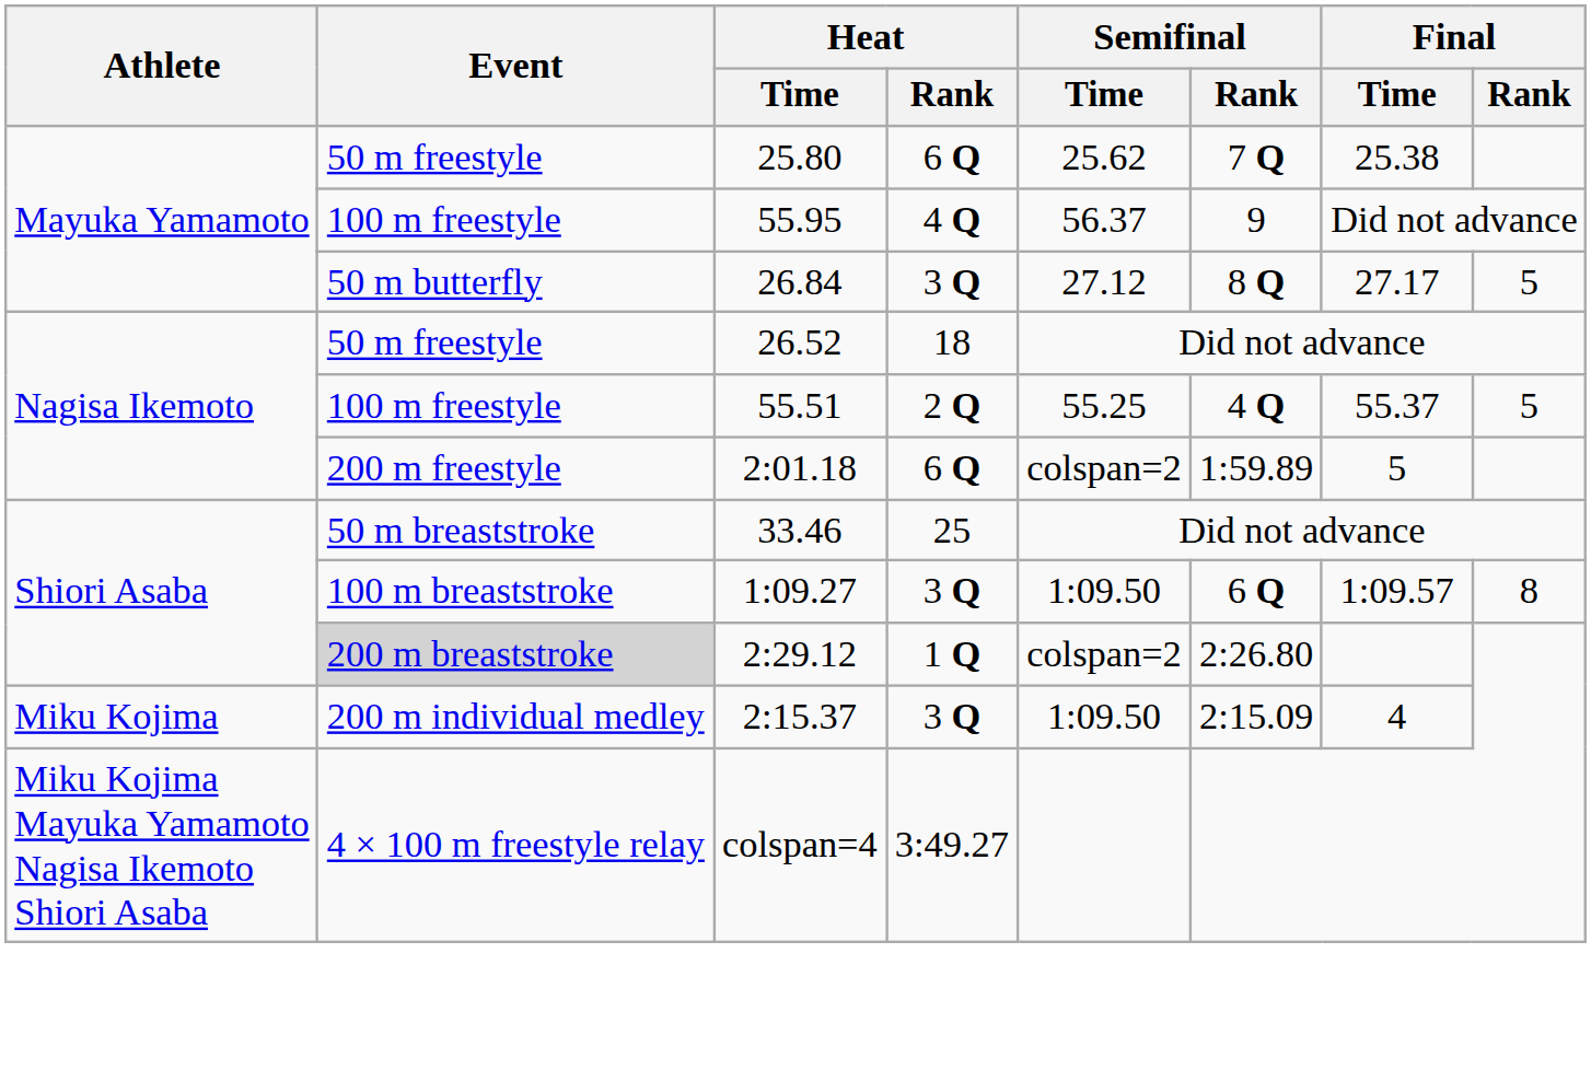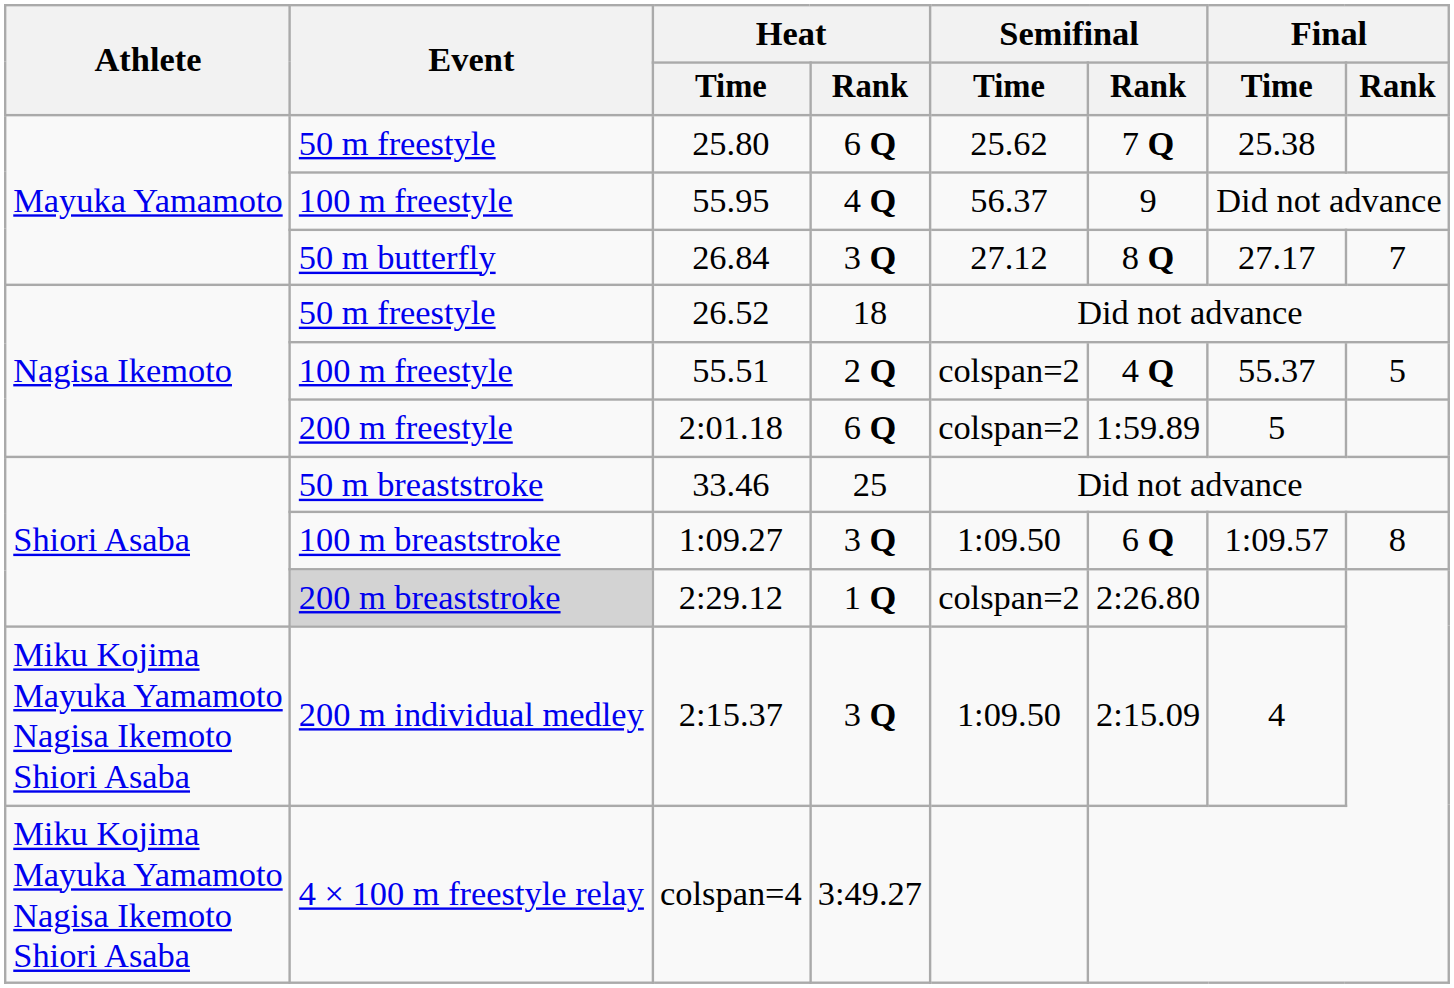 <table class=wikitable style="font-size:90%">
 <tr>
 <th rowspan="2">Athlete</th>
 <th rowspan="2">Event</th>
 <th colspan="2">Heat</th>
 <th colspan="2">Semifinal</th>
 <th colspan="2">Final</th>
 </tr>
 <tr style="font-size:95%">
 <th>Time</th>
 <th>Rank</th>
 <th>Time</th>
 <th>Rank</th>
 <th>Time</th>
 <th>Rank</th>
 </tr>
 <tr align=center>
 <td align=left rowspan=3><a href='#'>Mayuka Yamamoto</a></td>
 <td align=left><a href='#'>50 m freestyle</a></td>
 <td>25.80</td>
 <td>6 <strong>Q</strong></td>
 <td>25.62</td>
 <td>7 <strong>Q</strong></td>
 <td>25.38</td>
 <td></td>
 </tr>
 <tr align=center>
 <td align=left><a href='#'>100 m freestyle</a></td>
 <td>55.95</td>
 <td>4 <strong>Q</strong></td>
 <td>56.37</td>
 <td>9</td>
 <td colspan="2" align=center>Did not advance</td>
 </tr>
 <tr align=center>
 <td align=left><a href='#'>50 m butterfly</a></td>
 <td>26.84</td>
 <td>3 <strong>Q</strong></td>
 <td>27.12</td>
 <td>8 <strong>Q</strong></td>
 <td>27.17</td>
-<td>5</td>
+<td>7</td>
 </tr>
 <tr align=center>
 <td align=left rowspan=3><a href='#'>Nagisa Ikemoto</a></td>
 <td align=left><a href='#'>50 m freestyle</a></td>
 <td>26.52</td>
 <td>18</td>
 <td colspan="4" align=center>Did not advance</td>
 </tr>
 <tr align=center>
 <td align=left><a href='#'>100 m freestyle</a></td>
 <td>55.51</td>
 <td>2 <strong>Q</strong></td>
-<td>55.25</td>
+<td>colspan=2 </td>
 <td>4 <strong>Q</strong></td>
 <td>55.37</td>
 <td>5</td>
 </tr>
 <tr align=center>
 <td align=left><a href='#'>200 m freestyle</a></td>
 <td>2:01.18</td>
 <td>6 <strong>Q</strong></td>
 <td>colspan=2 </td>
 <td>1:59.89</td>
 <td>5</td>
 </tr>
 <tr align=center>
 <td align=left rowspan=3><a href='#'>Shiori Asaba</a></td>
 <td align=left><a href='#'>50 m breaststroke</a></td>
 <td>33.46</td>
 <td>25</td>
 <td colspan="4" align=center>Did not advance</td>
 </tr>
 <tr align=center>
 <td align=left><a href='#'>100 m breaststroke</a></td>
 <td>1:09.27</td>
 <td>3 <strong>Q</strong></td>
 <td>1:09.50</td>
 <td>6 <strong>Q</strong></td>
 <td>1:09.57</td>
 <td>8</td>
 </tr>
 <tr align=center>
 <td align=left style="background: lightgrey;"><a href='#'>200 m breaststroke</a></td>
 <td>2:29.12</td>
 <td>1 <strong>Q</strong></td>
 <td>colspan=2 </td>
 <td>2:26.80</td>
 <td></td>
 </tr>
 <tr align=center>
-<td align=left><a href='#'>Miku Kojima</a></td>
+<td align=left><a href='#'>Miku Kojima</a><br><a href='#'>Mayuka Yamamoto</a><br><a href='#'>Nagisa Ikemoto</a><br><a href='#'>Shiori Asaba</a></td>
 <td align=left><a href='#'>200 m individual medley</a></td>
 <td>2:15.37</td>
 <td>3 <strong>Q</strong></td>
 <td>1:09.50</td>
 <td>2:15.09</td>
 <td>4</td>
 </tr>
 <tr align=center>
 <td align=left><a href='#'>Miku Kojima</a><br><a href='#'>Mayuka Yamamoto</a><br><a href='#'>Nagisa Ikemoto</a><br><a href='#'>Shiori Asaba</a></td>
 <td align=left><a href='#'>4 × 100 m freestyle relay</a></td>
 <td>colspan=4 </td>
 <td>3:49.27</td>
 <td></td>
 </tr>
 </table>
